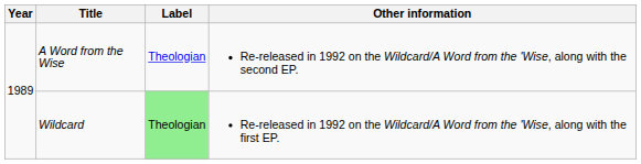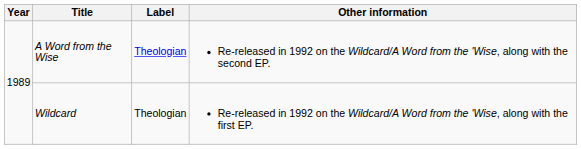 <table class="wikitable">
 <tr>
 <th>Year</th>
 <th>Title</th>
 <th>Label</th>
 <th>Other information</th>
 </tr>
 <tr>
 <td rowspan="2">1989</td>
 <td><em>A Word from the Wise</em></td>
 <td><a href='#'>Theologian</a></td>
 <td><br><ul><li>Re-released in 1992 on the <em>Wildcard/A Word from the 'Wise</em>, along with the second EP.</li></ul></td>
 </tr>
 <tr>
 <td><em>Wildcard</em></td>
-<td style="background: lightgreen;">Theologian</td>
+<td>Theologian</td>
 <td><br><ul><li>Re-released in 1992 on the <em>Wildcard/A Word from the 'Wise</em>, along with the first EP.</li></ul></td>
 </tr>
 </table>
